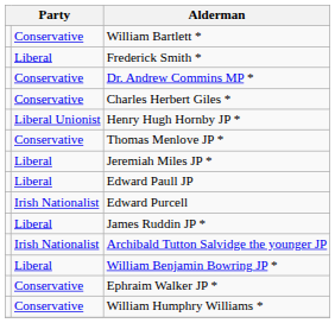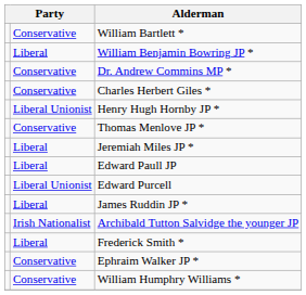 <table class="wikitable">
 <tr>
 <th colspan="2">Party</th>
 <th>Alderman</th>
 </tr>
 <tr>
 <td style="background-color:"></td>
 <td><a href='#'>Conservative</a></td>
 <td>William Bartlett *</td>
 </tr>
 <tr>
 <td style="background-color:"></td>
 <td><a href='#'>Liberal</a></td>
-<td>Frederick Smith *</td>
+<td><a href='#'>William Benjamin Bowring JP</a> *</td>
 </tr>
 <tr>
 <td style="background-color:"></td>
 <td><a href='#'>Conservative</a></td>
 <td><a href='#'>Dr. Andrew Commins MP</a> *</td>
 </tr>
 <tr>
 <td style="background-color:"></td>
 <td><a href='#'>Conservative</a></td>
 <td>Charles Herbert Giles *</td>
 </tr>
 <tr>
 <td style="background-color:"></td>
 <td><a href='#'>Liberal Unionist</a></td>
 <td>Henry Hugh Hornby JP *</td>
 </tr>
 <tr>
 <td style="background-color:"></td>
 <td><a href='#'>Conservative</a></td>
 <td>Thomas Menlove JP *</td>
 </tr>
 <tr>
 <td style="background-color:"></td>
 <td><a href='#'>Liberal</a></td>
 <td>Jeremiah Miles JP *</td>
 </tr>
 <tr>
 <td style="background-color:"></td>
 <td><a href='#'>Liberal</a></td>
 <td>Edward Paull JP</td>
 </tr>
 <tr>
 <td style="background-color:"></td>
-<td><a href='#'>Irish Nationalist</a></td>
+<td><a href='#'>Liberal Unionist</a></td>
 <td>Edward Purcell</td>
 </tr>
 <tr>
 <td style="background-color:"></td>
 <td><a href='#'>Liberal</a></td>
 <td>James Ruddin JP *</td>
 </tr>
 <tr>
 <td style="background-color:"></td>
 <td><a href='#'>Irish Nationalist</a></td>
 <td><a href='#'>Archibald Tutton Salvidge the younger JP</a></td>
 </tr>
 <tr>
 <td style="background-color:"></td>
 <td><a href='#'>Liberal</a></td>
-<td><a href='#'>William Benjamin Bowring JP</a> *</td>
+<td>Frederick Smith *</td>
 </tr>
 <tr>
 <td style="background-color:"></td>
 <td><a href='#'>Conservative</a></td>
 <td>Ephraim Walker JP *</td>
 </tr>
 <tr>
 <td style="background-color:"></td>
 <td><a href='#'>Conservative</a></td>
 <td>William Humphry Williams *</td>
 </tr>
 <tr>
 </tr>
 </table>
